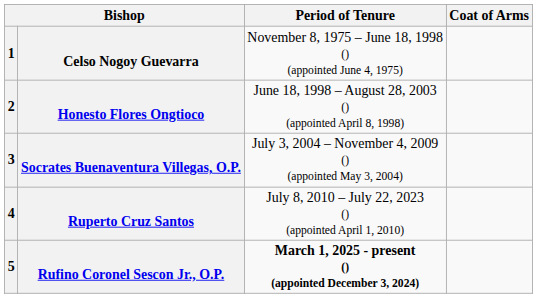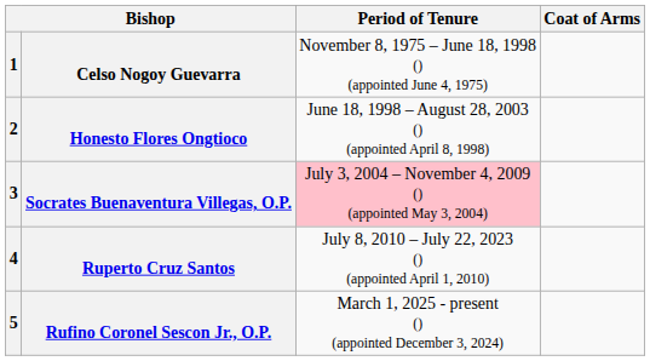 <table class="wikitable" style="text-align:center;">
 <tr>
 <th colspan=2>Bishop</th>
 <th>Period of Tenure</th>
 <th>Coat of Arms</th>
 </tr>
 <tr>
 <th scope="row">1</th>
 <th><br> Celso Nogoy Guevarra</th>
 <td>November 8, 1975 – June 18, 1998 <br> <small>()</small>  <br> <small>(appointed June 4, 1975) </small></td>
 <td></td>
 </tr>
 <tr>
 <th scope="row">2</th>
 <th> <br><a href='#'>Honesto Flores Ongtioco</a></th>
 <td>June 18, 1998 – August 28, 2003 <br> <small>()</small> <br> <small>(appointed April 8, 1998) </small></td>
 <td></td>
 </tr>
 <tr>
 <th scope="row">3</th>
 <th><br> <a href='#'>Socrates Buenaventura Villegas, O.P.</a></th>
-<td>July 3, 2004 – November 4, 2009 <br><small>() <br>(appointed May 3, 2004) </small></td>
+<td style="background: pink;">July 3, 2004 – November 4, 2009 <br><small>() <br>(appointed May 3, 2004) </small></td>
 <td></td>
 </tr>
 <tr>
 <th scope="row">4</th>
 <th><br> <a href='#'>Ruperto Cruz Santos</a></th>
 <td>July 8, 2010 – July 22, 2023 <br><small>() <br>(appointed April 1, 2010) </small></td>
 <td></td>
 </tr>
 <tr>
 <th scope="row">5</th>
 <th><br> <a href='#'>Rufino Coronel Sescon Jr., O.P.</a></th>
-<td><strong>March 1, 2025 - present<br> <small>()</small> <br> <small> (appointed December 3, 2024) </small></strong></td>
+<td>March 1, 2025 - present<br> <small>()</small> <br> <small> (appointed December 3, 2024) </small></td>
 <td></td>
 </tr>
 </table>
